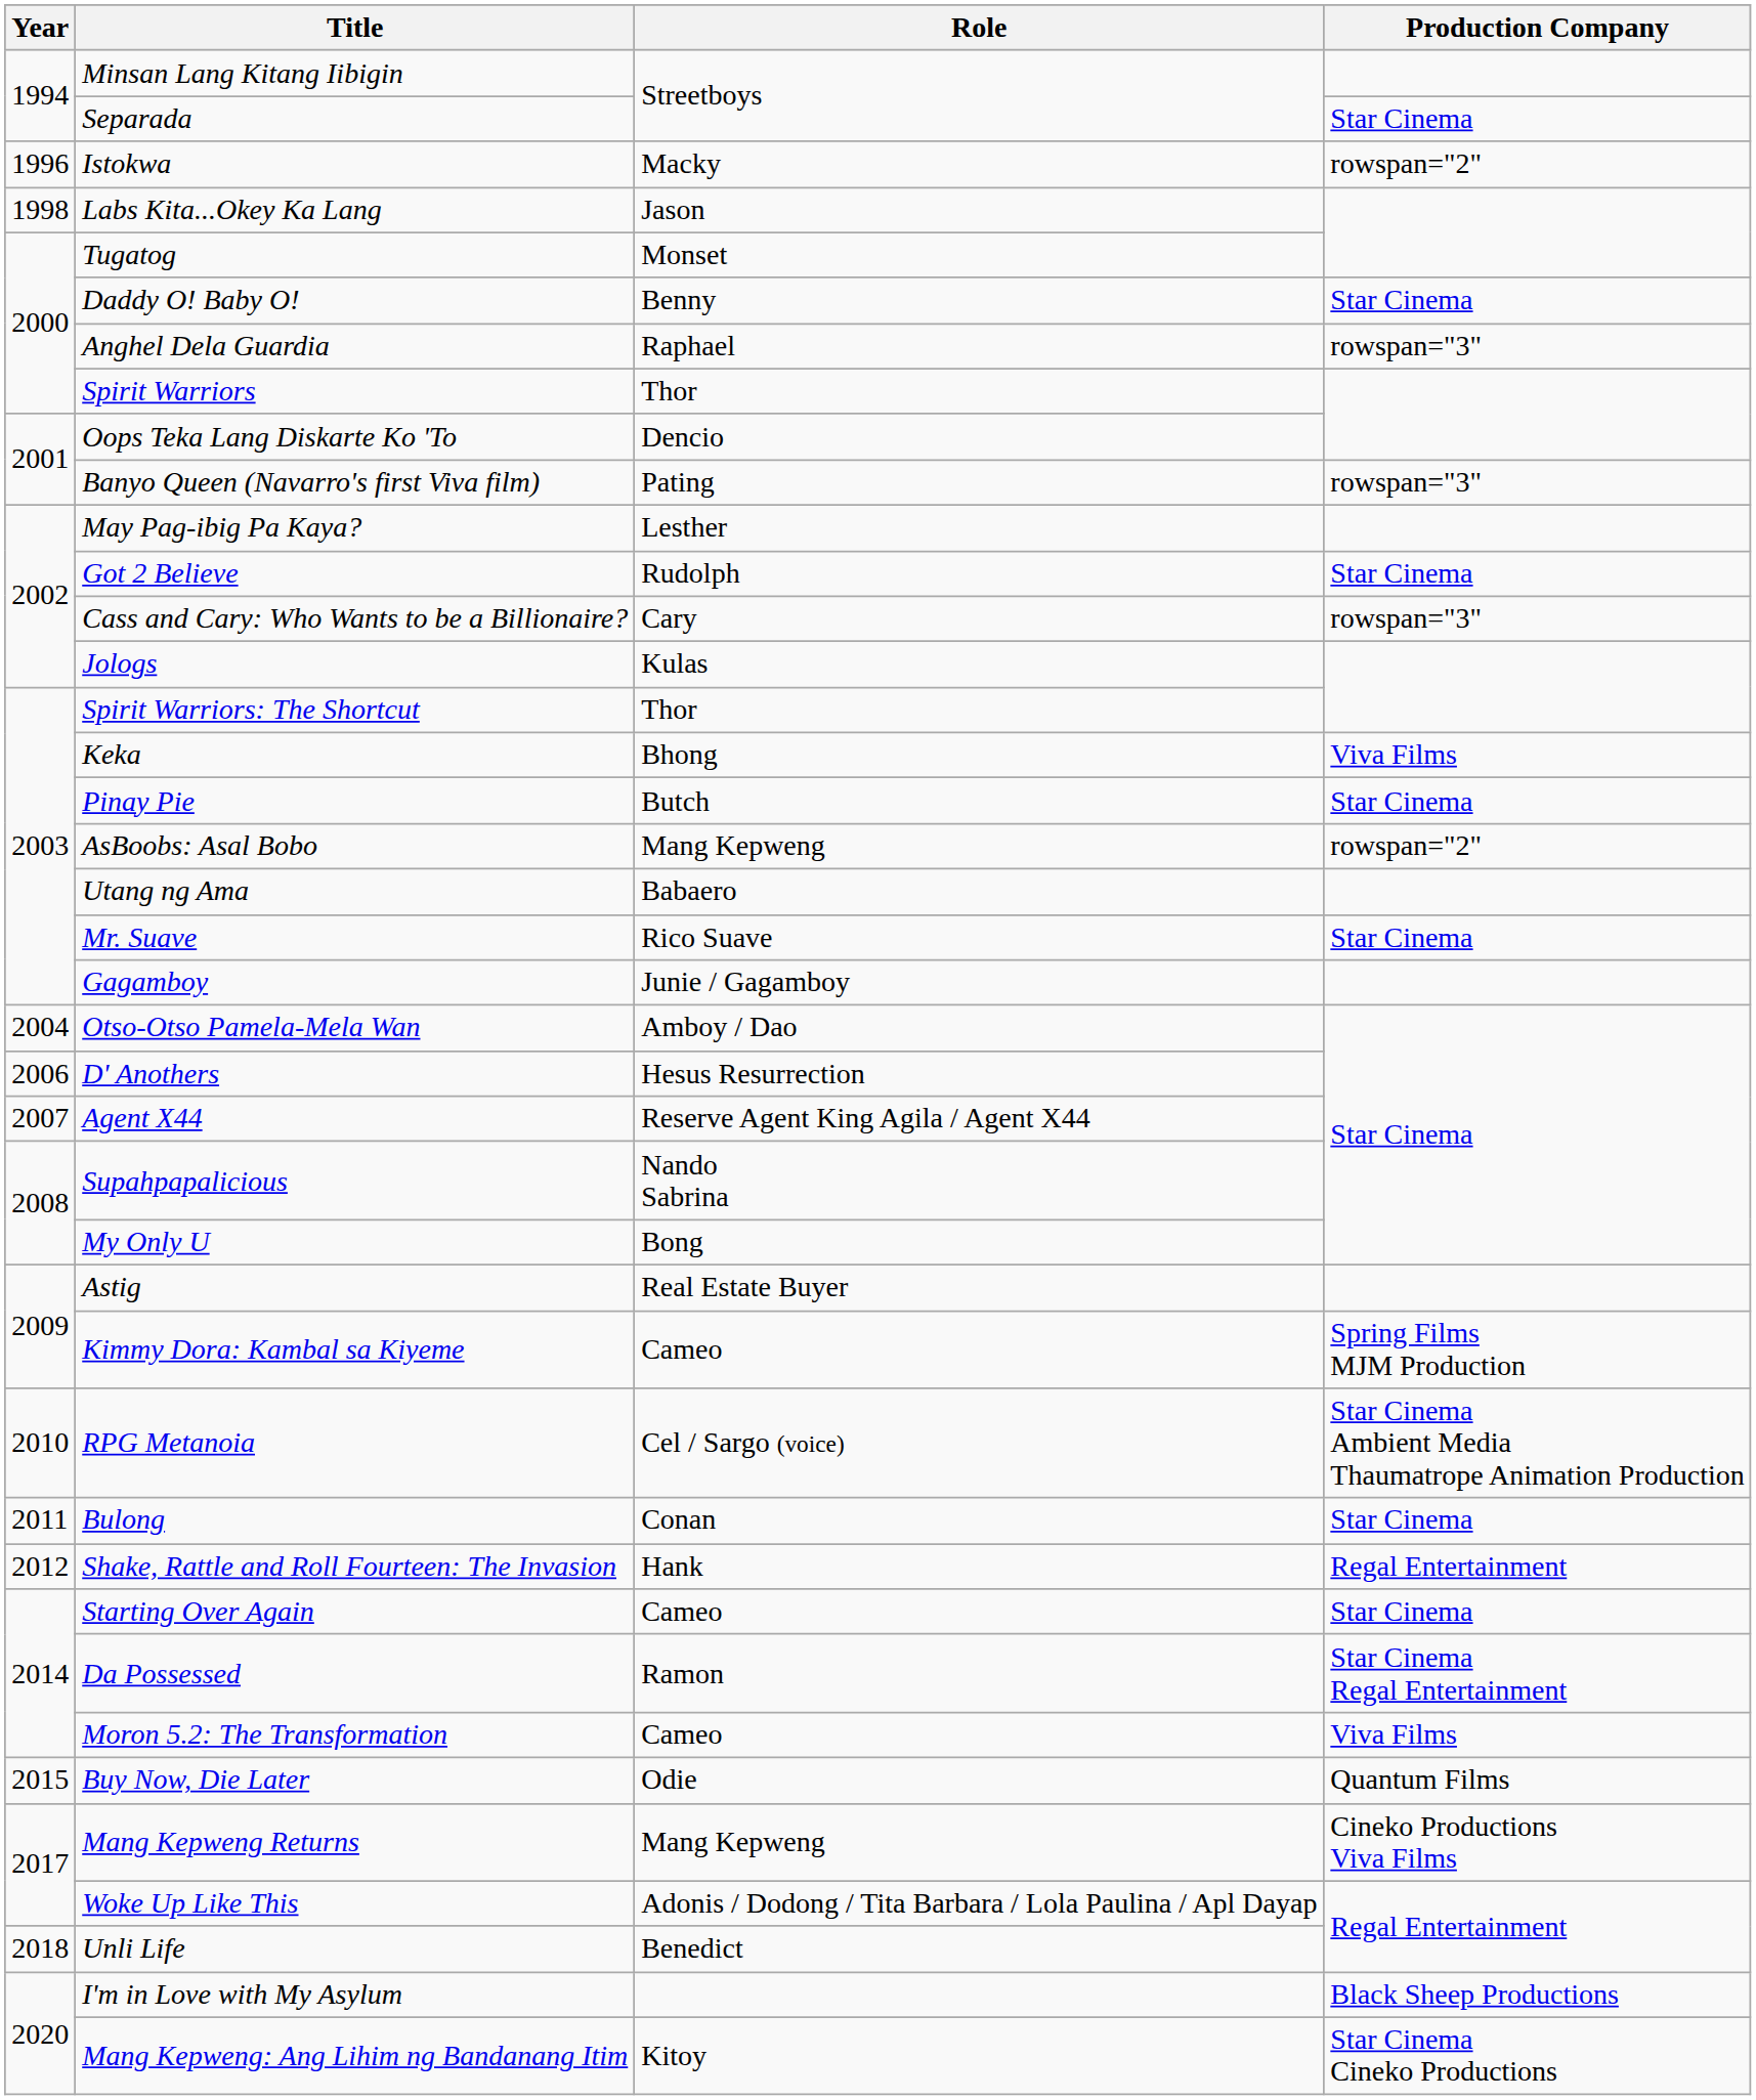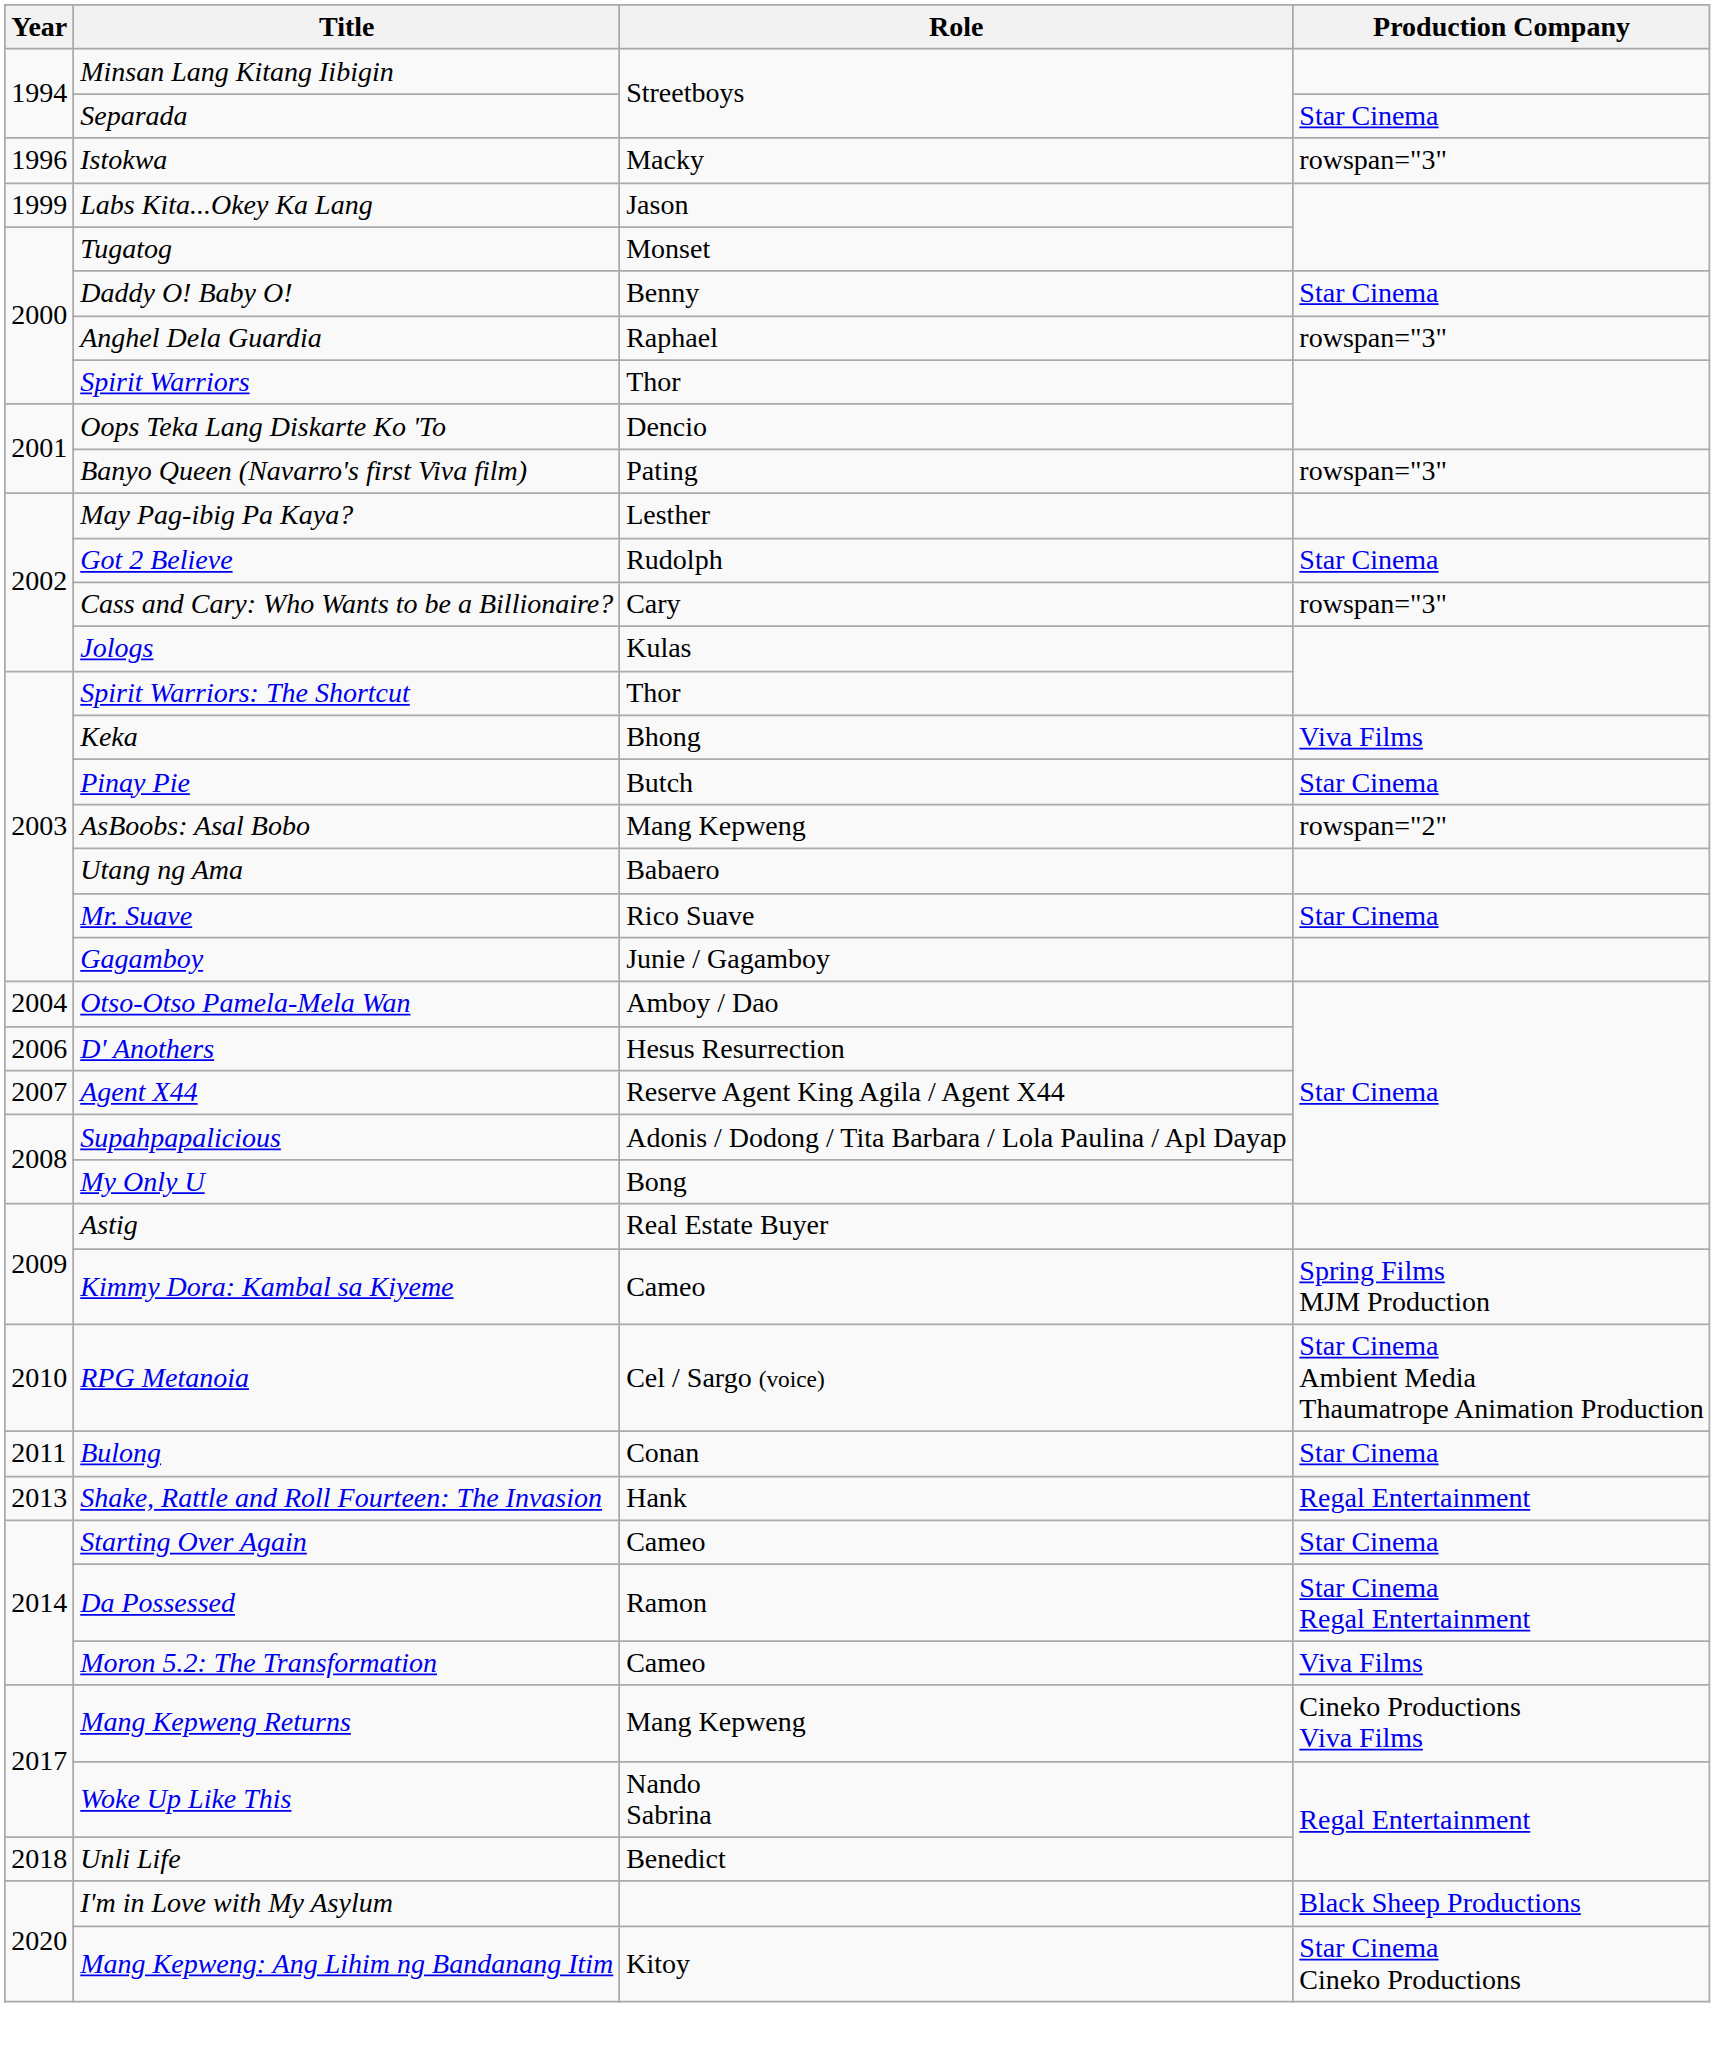 <table class="wikitable sortable">
 <tr style="background:#ccc; text-align:center;">
 <th>Year</th>
 <th>Title</th>
 <th>Role</th>
 <th>Production Company</th>
 </tr>
 <tr>
 <td rowspan=2>1994</td>
 <td><em>Minsan Lang Kitang Iibigin</em></td>
 <td rowspan=2>Streetboys</td>
 <td></td>
 </tr>
 <tr>
 <td><em>Separada</em></td>
 <td><a href='#'>Star Cinema</a></td>
 </tr>
 <tr>
 <td>1996</td>
 <td><em>Istokwa</em></td>
 <td>Macky</td>
-<td>rowspan="2" </td>
+<td>rowspan="3" </td>
 </tr>
 <tr>
-<td>1998</td>
+<td>1999</td>
 <td><em>Labs Kita...Okey Ka Lang</em></td>
 <td>Jason</td>
 </tr>
 <tr>
 <td rowspan=4>2000</td>
 <td><em>Tugatog</em></td>
 <td>Monset</td>
 </tr>
 <tr>
 <td><em>Daddy O! Baby O!</em></td>
 <td>Benny</td>
 <td><a href='#'>Star Cinema</a></td>
 </tr>
 <tr>
 <td><em>Anghel Dela Guardia</em></td>
 <td>Raphael</td>
 <td>rowspan="3" </td>
 </tr>
 <tr>
 <td><em><a href='#'>Spirit Warriors</a></em></td>
 <td>Thor</td>
 </tr>
 <tr>
 <td rowspan=2>2001</td>
 <td><em>Oops Teka Lang Diskarte Ko 'To</em></td>
 <td>Dencio</td>
 </tr>
 <tr>
 <td><em>Banyo Queen (Navarro's first Viva film)</em></td>
 <td>Pating</td>
 <td>rowspan="3" </td>
 </tr>
 <tr>
 <td rowspan=4>2002</td>
 <td><em>May Pag-ibig Pa Kaya?</em></td>
 <td>Lesther</td>
 <td></td>
 </tr>
 <tr>
 <td><em><a href='#'>Got 2 Believe</a></em></td>
 <td>Rudolph</td>
 <td><a href='#'>Star Cinema</a></td>
 </tr>
 <tr>
 <td><em>Cass and Cary: Who Wants to be a Billionaire?</em></td>
 <td>Cary</td>
 <td>rowspan="3" </td>
 </tr>
 <tr>
 <td><em><a href='#'>Jologs</a></em></td>
 <td>Kulas</td>
 </tr>
 <tr>
 <td rowspan=7>2003</td>
 <td><em><a href='#'>Spirit Warriors: The Shortcut</a></em></td>
 <td>Thor</td>
 </tr>
 <tr>
 <td><em>Keka</em></td>
 <td>Bhong</td>
 <td><a href='#'>Viva Films</a></td>
 </tr>
 <tr>
 <td><em><a href='#'>Pinay Pie</a></em></td>
 <td>Butch</td>
 <td><a href='#'>Star Cinema</a></td>
 </tr>
 <tr>
 <td><em>AsBoobs: Asal Bobo</em></td>
 <td>Mang Kepweng</td>
 <td>rowspan="2" </td>
 </tr>
 <tr>
 <td><em>Utang ng Ama</em></td>
 <td>Babaero</td>
 </tr>
 <tr>
 <td><em><a href='#'>Mr. Suave</a></em></td>
 <td>Rico Suave</td>
 <td><a href='#'>Star Cinema</a></td>
 </tr>
 <tr>
 <td><em><a href='#'>Gagamboy</a></em></td>
 <td>Junie / Gagamboy</td>
 <td></td>
 </tr>
 <tr>
 <td>2004</td>
 <td><em><a href='#'>Otso-Otso Pamela-Mela Wan</a></em></td>
 <td>Amboy / Dao</td>
 <td rowspan=5><a href='#'>Star Cinema</a></td>
 </tr>
 <tr>
 <td>2006</td>
 <td><em><a href='#'>D' Anothers</a></em></td>
 <td>Hesus Resurrection</td>
 </tr>
 <tr>
 <td>2007</td>
 <td><em><a href='#'>Agent X44</a></em></td>
 <td>Reserve Agent King Agila / Agent X44</td>
 </tr>
 <tr>
 <td rowspan=2>2008</td>
 <td><em><a href='#'>Supahpapalicious</a></em></td>
-<td>Nando<br>Sabrina</td>
+<td>Adonis / Dodong / Tita Barbara / Lola Paulina / Apl Dayap</td>
 </tr>
 <tr>
 <td><em><a href='#'>My Only U</a></em></td>
 <td>Bong</td>
 </tr>
 <tr>
 <td rowspan=2>2009</td>
 <td><em>Astig</em></td>
 <td>Real Estate Buyer</td>
 <td></td>
 </tr>
 <tr>
 <td><em><a href='#'>Kimmy Dora: Kambal sa Kiyeme</a></em></td>
 <td>Cameo</td>
 <td><a href='#'>Spring Films</a><br>MJM Production</td>
 </tr>
 <tr>
 <td>2010</td>
 <td><em><a href='#'>RPG Metanoia</a></em></td>
 <td>Cel / Sargo <small>(voice)</small></td>
 <td><a href='#'>Star Cinema</a><br>Ambient Media<br>Thaumatrope Animation Production</td>
 </tr>
 <tr>
 <td>2011</td>
 <td><em><a href='#'>Bulong</a></em></td>
 <td>Conan</td>
 <td><a href='#'>Star Cinema</a></td>
 </tr>
 <tr>
-<td>2012</td>
+<td>2013</td>
 <td><em><a href='#'>Shake, Rattle and Roll Fourteen: The Invasion</a></em></td>
 <td>Hank</td>
 <td><a href='#'>Regal Entertainment</a></td>
 </tr>
 <tr>
 <td rowspan=3>2014</td>
 <td><em><a href='#'>Starting Over Again</a></em></td>
 <td>Cameo</td>
 <td><a href='#'>Star Cinema</a></td>
 </tr>
 <tr>
 <td><em><a href='#'>Da Possessed</a></em></td>
 <td>Ramon</td>
 <td><a href='#'>Star Cinema</a><br><a href='#'>Regal Entertainment</a></td>
 </tr>
 <tr>
 <td><em><a href='#'>Moron 5.2: The Transformation</a></em></td>
 <td>Cameo</td>
 <td><a href='#'>Viva Films</a></td>
 </tr>
 <tr>
-<td>2015</td>
-<td><em><a href='#'>Buy Now, Die Later</a></em></td>
-<td>Odie</td>
-<td>Quantum Films</td>
-</tr>
-<tr>
 <td rowspan=2>2017</td>
 <td><em><a href='#'>Mang Kepweng Returns</a></em></td>
 <td>Mang Kepweng</td>
 <td>Cineko Productions<br><a href='#'>Viva Films</a></td>
 </tr>
 <tr>
 <td><em><a href='#'>Woke Up Like This</a></em></td>
-<td>Adonis / Dodong / Tita Barbara / Lola Paulina / Apl Dayap</td>
+<td>Nando<br>Sabrina</td>
 <td rowspan=2><a href='#'>Regal Entertainment</a></td>
 </tr>
 <tr>
 <td>2018</td>
 <td><em>Unli Life</em></td>
 <td>Benedict</td>
 </tr>
 <tr>
 <td rowspan="2">2020</td>
 <td><em>I'm in Love with My Asylum</em></td>
 <td></td>
 <td><a href='#'>Black Sheep Productions</a></td>
 </tr>
 <tr>
 <td><em><a href='#'>Mang Kepweng: Ang Lihim ng Bandanang Itim</a></em></td>
 <td>Kitoy</td>
 <td><a href='#'>Star Cinema</a><br>Cineko Productions</td>
 </tr>
 </table>
